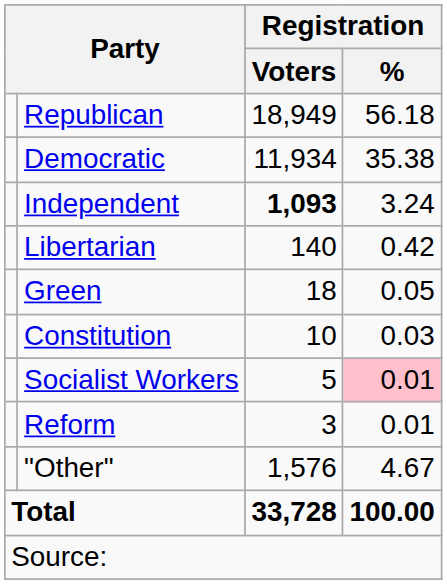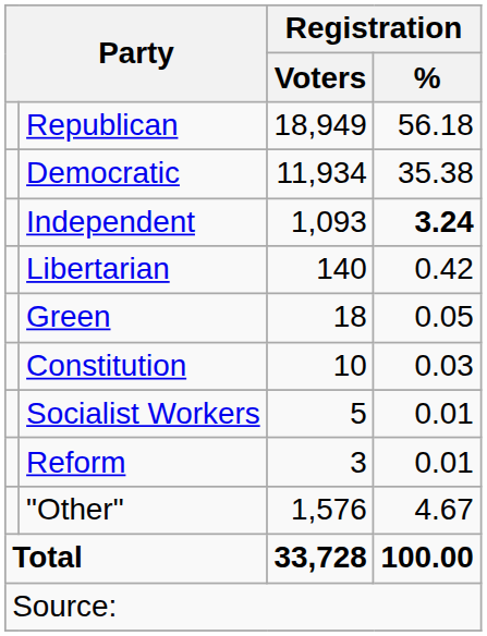 <table class="wikitable">
 <tr>
 <th colspan="2" rowspan="2">Party</th>
 <th colspan="2">Registration</th>
 </tr>
 <tr>
 <th>Voters</th>
 <th>%</th>
 </tr>
 <tr>
 <td style="background-color:"></td>
 <td><a href='#'>Republican</a></td>
 <td style="text-align:right;">18,949</td>
 <td style="text-align:right;">56.18</td>
 </tr>
 <tr>
 <td style="background-color:"></td>
 <td><a href='#'>Democratic</a></td>
 <td style="text-align:right;">11,934</td>
 <td style="text-align:right;">35.38</td>
 </tr>
 <tr>
 <td style="background-color:"></td>
 <td><a href='#'>Independent</a></td>
-<td style="text-align:right;"><strong>1,093</strong></td>
-<td style="text-align:right;">3.24</td>
+<td style="text-align:right;">1,093</td>
+<td style="text-align:right;"><strong>3.24</strong></td>
 </tr>
 <tr>
 <td style="background-color:"></td>
 <td><a href='#'>Libertarian</a></td>
 <td style="text-align:right;">140</td>
 <td style="text-align:right;">0.42</td>
 </tr>
 <tr>
 <td style="background-color:"></td>
 <td><a href='#'>Green</a></td>
 <td style="text-align:right;">18</td>
 <td style="text-align:right;">0.05</td>
 </tr>
 <tr>
 <td style="background-color:"></td>
 <td><a href='#'>Constitution</a></td>
 <td style="text-align:right;">10</td>
 <td style="text-align:right;">0.03</td>
 </tr>
 <tr>
 <td style="background-color:"></td>
 <td><a href='#'>Socialist Workers</a></td>
 <td style="text-align:right;">5</td>
-<td style="background: pink; text-align:right;">0.01</td>
+<td style="text-align:right;">0.01</td>
 </tr>
 <tr>
 <td style="background-color:"></td>
 <td><a href='#'>Reform</a></td>
 <td style="text-align:right;">3</td>
 <td style="text-align:right;">0.01</td>
 </tr>
 <tr>
 <td></td>
 <td>"Other"</td>
 <td style="text-align:right;">1,576</td>
 <td style="text-align:right;">4.67</td>
 </tr>
 <tr>
 <td colspan="2"><strong>Total</strong></td>
 <td style="text-align:right;"><strong>33,728</strong></td>
 <td style="text-align:right;"><strong>100.00</strong></td>
 </tr>
 <tr>
 <td colspan="4">Source: <em></em></td>
 </tr>
 </table>
